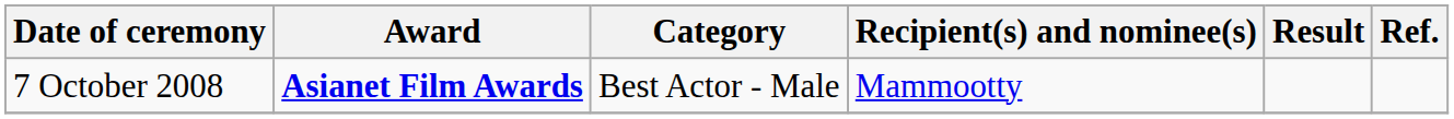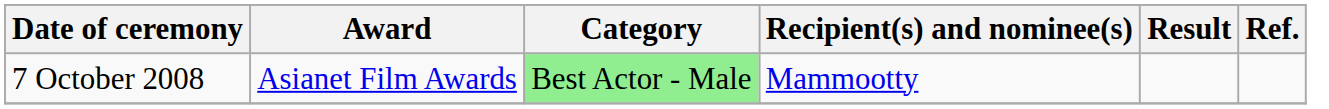 <table class="wikitable sortable">
 <tr>
 <th>Date of ceremony</th>
 <th>Award</th>
 <th>Category</th>
 <th>Recipient(s) and nominee(s)</th>
 <th>Result</th>
 <th>Ref.</th>
 </tr>
 <tr>
 <td rowspan="1">7 October 2008</td>
-<td rowspan="1"><strong><a href='#'>Asianet Film Awards</a></strong></td>
-<td>Best Actor - Male</td>
+<td rowspan="1"><a href='#'>Asianet Film Awards</a></td>
+<td style="background: lightgreen;">Best Actor - Male</td>
 <td><a href='#'>Mammootty</a></td>
 <td></td>
 <td rowspan="1"></td>
 </tr>
 <tr>
 </tr>
 </table>
